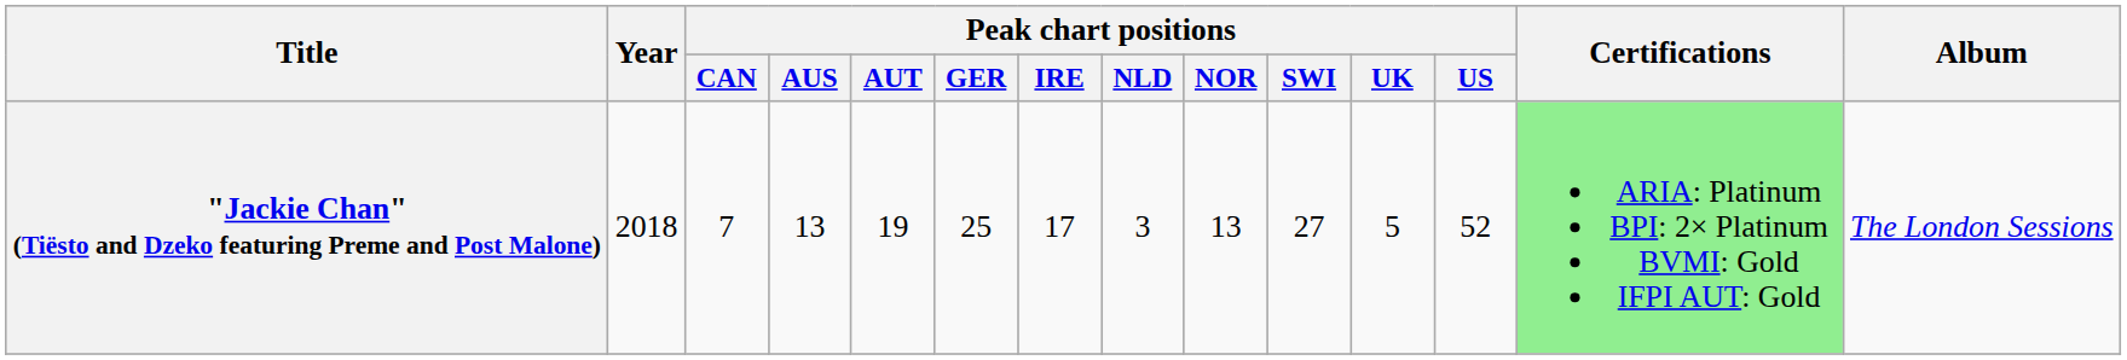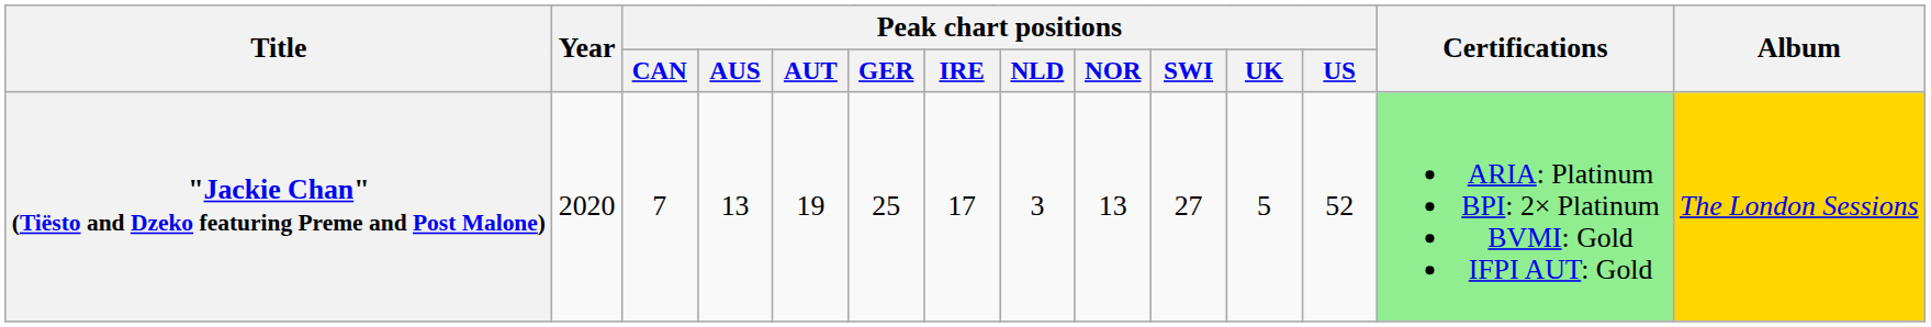 <table class="wikitable plainrowheaders" style="text-align:center;" border="1">
 <tr>
 <th scope="col" rowspan="2">Title</th>
 <th scope="col" rowspan="2">Year</th>
 <th scope="col" colspan="10">Peak chart positions</th>
 <th scope="col" rowspan="2" style="width:10em;">Certifications</th>
 <th scope="col" rowspan="2">Album</th>
 </tr>
 <tr>
 <th scope="col" style="width:2.5em;font-size:90%;"><a href='#'>CAN</a><br></th>
 <th scope="col" style="width:2.5em;font-size:90%;"><a href='#'>AUS</a><br></th>
 <th scope="col" style="width:2.5em;font-size:90%;"><a href='#'>AUT</a><br></th>
 <th scope="col" style="width:2.5em;font-size:90%;"><a href='#'>GER</a><br></th>
 <th scope="col" style="width:2.5em;font-size:90%;"><a href='#'>IRE</a><br></th>
 <th scope="col" style="width:2.5em;font-size:90%;"><a href='#'>NLD</a><br></th>
 <th scope="col" style="width:2.5em;font-size:90%;"><a href='#'>NOR</a><br></th>
 <th scope="col" style="width:2.5em;font-size:90%;"><a href='#'>SWI</a><br></th>
 <th scope="col" style="width:2.5em;font-size:90%;"><a href='#'>UK</a><br></th>
 <th scope="col" style="width:2.5em;font-size:90%;"><a href='#'>US</a><br></th>
 </tr>
 <tr>
 <th scope="row">"<a href='#'>Jackie Chan</a>"<br><small>(<a href='#'>Tiësto</a> and <a href='#'>Dzeko</a> featuring Preme and <a href='#'>Post Malone</a>)</small></th>
-<td>2018</td>
+<td>2020</td>
 <td>7</td>
 <td>13</td>
 <td>19</td>
 <td>25</td>
 <td>17</td>
 <td>3</td>
 <td>13</td>
 <td>27</td>
 <td>5</td>
 <td>52</td>
 <td style="background: lightgreen;"><br><ul><li><a href='#'>ARIA</a>: Platinum</li><li><a href='#'>BPI</a>: 2× Platinum</li><li><a href='#'>BVMI</a>: Gold</li><li><a href='#'>IFPI AUT</a>: Gold</li></ul></td>
-<td><em><a href='#'>The London Sessions</a></em></td>
+<td style="background: gold;"><em><a href='#'>The London Sessions</a></em></td>
 </tr>
 </table>
